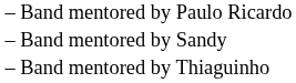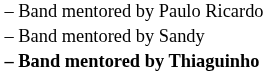 <table>
 <tr>
 <td>– Band mentored by Paulo Ricardo</td>
 </tr>
 <tr>
 <td>– Band mentored by Sandy</td>
 </tr>
 <tr>
-<td>– Band mentored by Thiaguinho</td>
+<td><strong>– Band mentored by Thiaguinho</strong></td>
 </tr>
 </table>
